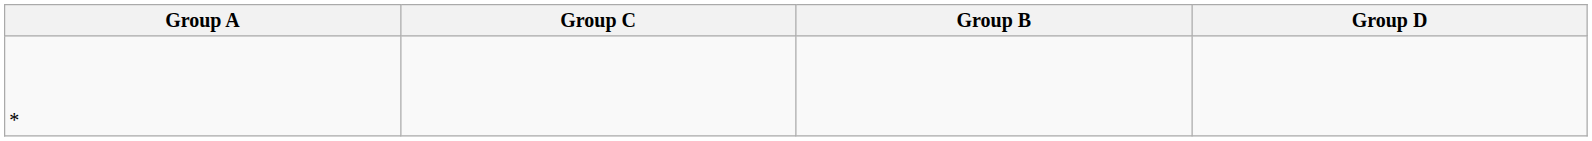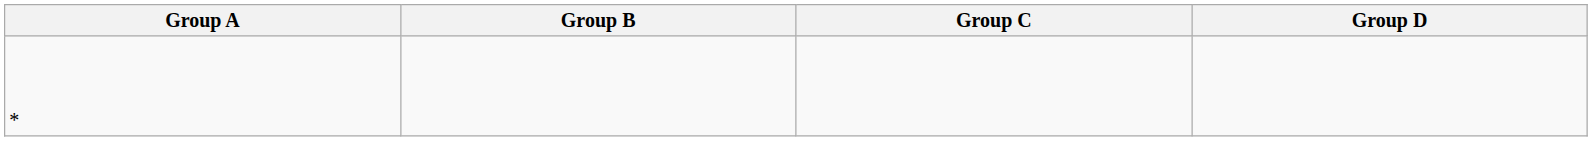 <table class="wikitable" width=80%>
 <tr>
 <th width=25%>Group A</th>
+<th width=25%>Group B</th>
 <th width=25%>Group C</th>
-<th width=25%>Group B</th>
 <th width=25%>Group D</th>
 </tr>
 <tr>
 <td><br><br> <br> <s></s> *<br> </td>
 <td><br><br> <br> <br>  </td>
 <td><br><br> <br> <br>  </td>
 <td><br><br> <br> <br> </td>
 </tr>
 </table>
